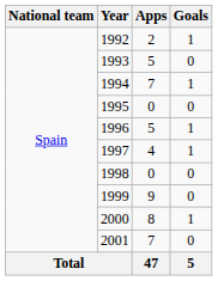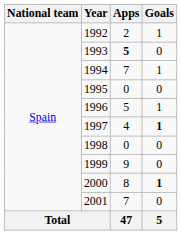 <table class="wikitable" style="text-align: center;">
 <tr>
 <th>National team</th>
 <th>Year</th>
 <th>Apps</th>
 <th>Goals</th>
 </tr>
 <tr>
 <td rowspan="10"><a href='#'>Spain</a></td>
 <td>1992</td>
 <td>2</td>
 <td>1</td>
 </tr>
 <tr>
 <td>1993</td>
-<td>5</td>
+<td><strong>5</strong></td>
 <td>0</td>
 </tr>
 <tr>
 <td>1994</td>
 <td>7</td>
 <td>1</td>
 </tr>
 <tr>
 <td>1995</td>
 <td>0</td>
 <td>0</td>
 </tr>
 <tr>
 <td>1996</td>
 <td>5</td>
 <td>1</td>
 </tr>
 <tr>
 <td>1997</td>
 <td>4</td>
-<td>1</td>
+<td><strong>1</strong></td>
 </tr>
 <tr>
 <td>1998</td>
 <td>0</td>
 <td>0</td>
 </tr>
 <tr>
 <td>1999</td>
 <td>9</td>
 <td>0</td>
 </tr>
 <tr>
 <td>2000</td>
 <td>8</td>
-<td>1</td>
+<td><strong>1</strong></td>
 </tr>
 <tr>
 <td>2001</td>
 <td>7</td>
 <td>0</td>
 </tr>
 <tr>
 <th colspan="2">Total</th>
 <th>47</th>
 <th>5</th>
 </tr>
 </table>
